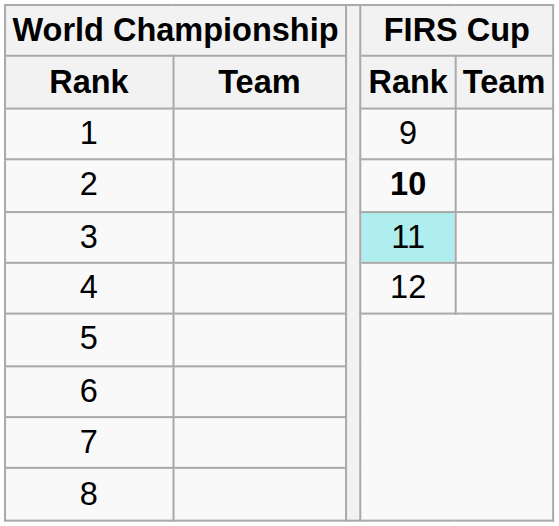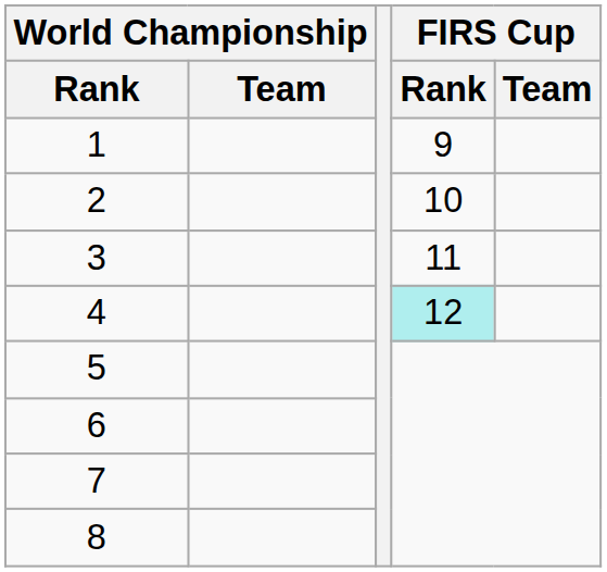 <table class="wikitable" style="text-align:center">
 <tr>
 <th colspan=2>World Championship</th>
 <th rowspan=11></th>
 <th colspan=2>FIRS Cup</th>
 </tr>
 <tr>
 <th>Rank</th>
 <th>Team</th>
 <th>Rank</th>
 <th>Team</th>
 </tr>
 <tr>
 <td>1</td>
 <td align=left></td>
 <td>9</td>
 <td align=left></td>
 </tr>
 <tr>
 <td>2</td>
 <td align=left></td>
-<td><strong>10</strong></td>
+<td>10</td>
 <td align=left></td>
 </tr>
 <tr>
 <td>3</td>
 <td align=left></td>
-<td style="background: paleturquoise;">11</td>
+<td>11</td>
 <td align=left></td>
 </tr>
 <tr>
 <td>4</td>
 <td align=left></td>
-<td>12</td>
+<td style="background: paleturquoise;">12</td>
 <td align=left></td>
 </tr>
 <tr>
 <td>5</td>
 <td align=left></td>
 <td colspan=2 rowspan=4></td>
 </tr>
 <tr>
 <td>6</td>
 <td align=left></td>
 </tr>
 <tr>
 <td>7</td>
 <td align=left></td>
 </tr>
 <tr>
 <td>8</td>
 <td align=left></td>
 </tr>
 </table>
